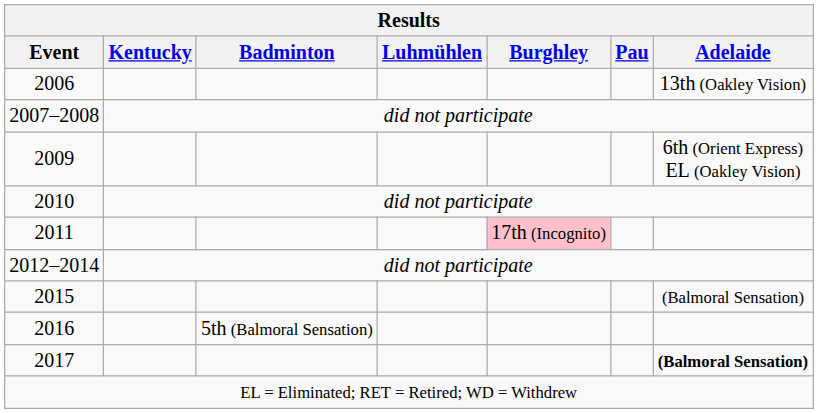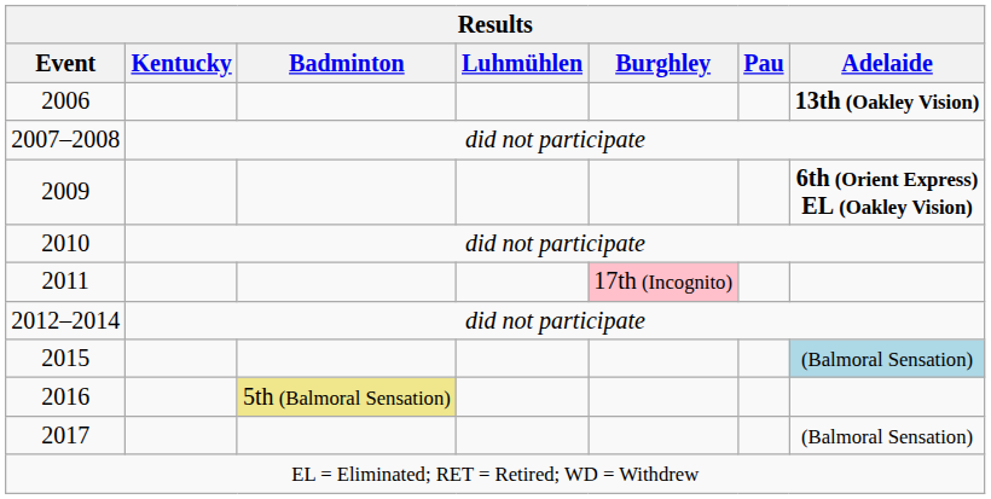 <table class="wikitable" style="text-align:center">
 <tr>
 <th colspan=13 align=center><strong>Results</strong></th>
 </tr>
 <tr>
 <th>Event</th>
 <th><a href='#'>Kentucky</a></th>
 <th><a href='#'>Badminton</a></th>
 <th><a href='#'>Luhmühlen</a></th>
 <th><a href='#'>Burghley</a></th>
 <th><a href='#'>Pau</a></th>
 <th><a href='#'>Adelaide</a></th>
 </tr>
 <tr>
 <td>2006</td>
 <td></td>
 <td></td>
 <td></td>
 <td></td>
 <td></td>
-<td>13th<small> (Oakley Vision)</small></td>
+<td><strong>13th<small> (Oakley Vision)</small></strong></td>
 </tr>
 <tr>
 <td>2007–2008</td>
 <td colspan="6"><em>did not participate</em></td>
 </tr>
 <tr>
 <td>2009</td>
 <td></td>
 <td></td>
 <td></td>
 <td></td>
 <td></td>
-<td>6th<small> (Orient Express)</small><br>EL<small> (Oakley Vision)</small></td>
+<td><strong>6th<small> (Orient Express)</small><br>EL<small> (Oakley Vision)</small></strong></td>
 </tr>
 <tr>
 <td>2010</td>
 <td colspan="6"><em>did not participate</em></td>
 </tr>
 <tr>
 <td>2011</td>
 <td></td>
 <td></td>
 <td></td>
 <td style="background: pink;">17th<small> (Incognito)</small></td>
 <td></td>
 <td></td>
 </tr>
 <tr>
 <td>2012–2014</td>
 <td colspan="6"><em>did not participate</em></td>
 </tr>
 <tr>
 <td>2015</td>
 <td></td>
 <td></td>
 <td></td>
 <td></td>
 <td></td>
-<td><small> (Balmoral Sensation)</small></td>
+<td style="background: lightblue;"><small> (Balmoral Sensation)</small></td>
 </tr>
 <tr>
 <td>2016</td>
 <td></td>
-<td>5th<small> (Balmoral Sensation)</small></td>
+<td style="background: khaki;">5th<small> (Balmoral Sensation)</small></td>
 <td></td>
 <td></td>
 <td></td>
 <td></td>
 </tr>
 <tr>
 <td>2017</td>
 <td></td>
 <td></td>
 <td></td>
 <td></td>
 <td></td>
-<td><strong><small> (Balmoral Sensation)</small></strong></td>
+<td><small> (Balmoral Sensation)</small></td>
 </tr>
 <tr>
 <td colspan=13 align=center><small> EL = Eliminated; RET = Retired; WD = Withdrew </small></td>
 </tr>
 </table>
